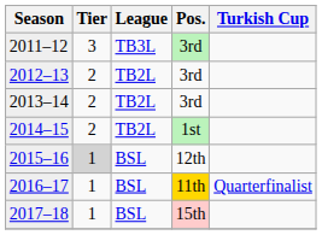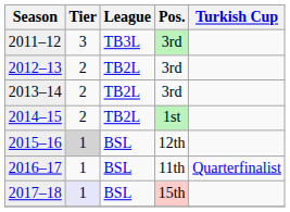 <table class="wikitable" style="font-size:85%">
 <tr>
 <th>Season</th>
 <th>Tier</th>
 <th>League</th>
 <th>Pos.</th>
 <th><a href='#'>Turkish Cup</a></th>
 </tr>
 <tr>
 <td style="background:#efefef;">2011–12</td>
 <td align="center">3</td>
 <td><a href='#'>TB3L</a></td>
 <td bgcolor=#BBF3BB style="text-align:center;">3rd</td>
 <td></td>
 </tr>
 <tr>
 <td style="background:#efefef;"><a href='#'>2012–13</a></td>
 <td align="center">2</td>
 <td><a href='#'>TB2L</a></td>
 <td style="text-align:center;">3rd</td>
 <td></td>
 </tr>
 <tr>
 <td style="background:#efefef;">2013–14</td>
 <td align="center">2</td>
 <td><a href='#'>TB2L</a></td>
 <td align="center">3rd</td>
 <td></td>
 </tr>
 <tr>
 <td style="background:#efefef;"><a href='#'>2014–15</a></td>
 <td align="center">2</td>
 <td><a href='#'>TB2L</a></td>
 <td align="center" bgcolor=#BBF3BB>1st</td>
 <td></td>
 </tr>
 <tr>
 <td style="background:#efefef;"><a href='#'>2015–16</a></td>
 <td align="center" style="background: lightgrey;">1</td>
 <td><a href='#'>BSL</a></td>
 <td align="center">12th</td>
 <td></td>
 </tr>
 <tr>
 <td style="background:#efefef;"><a href='#'>2016–17</a></td>
 <td align="center">1</td>
 <td><a href='#'>BSL</a></td>
-<td align="center" style="background: gold;">11th</td>
+<td align="center">11th</td>
 <td><a href='#'>Quarterfinalist</a></td>
 </tr>
 <tr>
 <td style="background:#efefef;"><a href='#'>2017–18</a></td>
-<td align="center">1</td>
+<td align="center" style="background: lavender;">1</td>
 <td><a href='#'>BSL</a></td>
 <td align="center" bgcolor=#fcc>15th</td>
 <td></td>
 </tr>
 <tr>
 </tr>
 </table>
